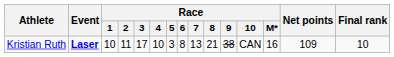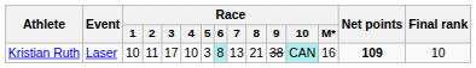 <table class="wikitable" style="font-size:90%">
 <tr>
 <th rowspan="2">Athlete</th>
 <th rowspan="2">Event</th>
 <th colspan=11>Race</th>
 <th rowspan=2>Net points</th>
 <th rowspan=2>Final rank</th>
 </tr>
 <tr style="font-size:95%">
 <th>1</th>
 <th>2</th>
 <th>3</th>
 <th>4</th>
 <th>5</th>
 <th>6</th>
 <th>7</th>
 <th>8</th>
 <th>9</th>
 <th>10</th>
 <th>M*</th>
 </tr>
 <tr align=center>
 <td align=left><a href='#'>Kristian Ruth</a></td>
-<td align=left><strong><a href='#'>Laser</a></strong></td>
+<td align=left><a href='#'>Laser</a></td>
 <td>10</td>
 <td>11</td>
 <td>17</td>
 <td>10</td>
 <td>3</td>
-<td>8</td>
+<td style="background: paleturquoise;">8</td>
 <td>13</td>
 <td>21</td>
 <td><s>38</s></td>
-<td>CAN</td>
+<td style="background: paleturquoise;">CAN</td>
 <td>16</td>
-<td>109</td>
+<td><strong>109</strong></td>
 <td>10</td>
 </tr>
 </table>
